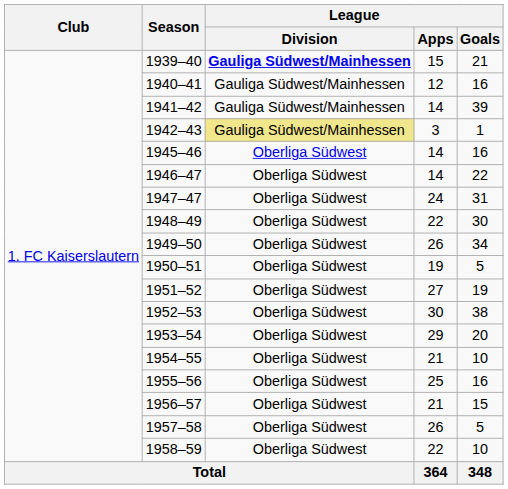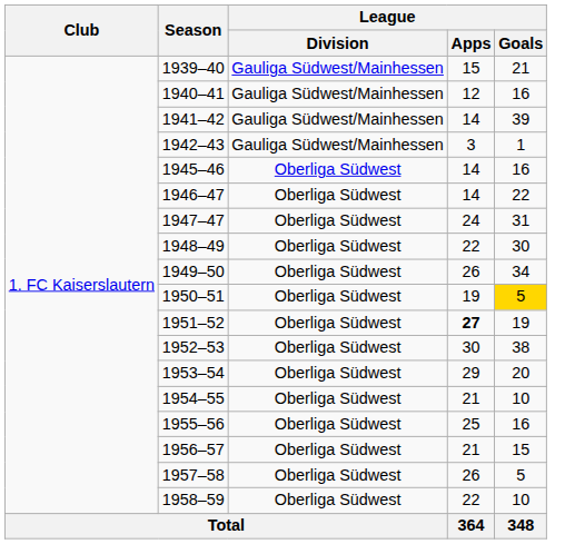 <table class="wikitable" style="text-align: center">
 <tr>
 <th rowspan="2">Club</th>
 <th rowspan="2">Season</th>
 <th colspan="3">League</th>
 </tr>
 <tr>
 <th>Division</th>
 <th>Apps</th>
 <th>Goals</th>
 </tr>
 <tr>
 <td rowspan="18"><a href='#'>1. FC Kaiserslautern</a></td>
 <td>1939–40</td>
-<td><strong><a href='#'>Gauliga Südwest/Mainhessen</a></strong></td>
+<td><a href='#'>Gauliga Südwest/Mainhessen</a></td>
 <td>15</td>
 <td>21</td>
 </tr>
 <tr>
 <td>1940–41</td>
 <td>Gauliga Südwest/Mainhessen</td>
 <td>12</td>
 <td>16</td>
 </tr>
 <tr>
 <td>1941–42</td>
 <td>Gauliga Südwest/Mainhessen</td>
 <td>14</td>
 <td>39</td>
 </tr>
 <tr>
 <td>1942–43</td>
-<td style="background: khaki;">Gauliga Südwest/Mainhessen</td>
+<td>Gauliga Südwest/Mainhessen</td>
 <td>3</td>
 <td>1</td>
 </tr>
 <tr>
 <td>1945–46</td>
 <td><a href='#'>Oberliga Südwest</a></td>
 <td>14</td>
 <td>16</td>
 </tr>
 <tr>
 <td>1946–47</td>
 <td>Oberliga Südwest</td>
 <td>14</td>
 <td>22</td>
 </tr>
 <tr>
 <td>1947–47</td>
 <td>Oberliga Südwest</td>
 <td>24</td>
 <td>31</td>
 </tr>
 <tr>
 <td>1948–49</td>
 <td>Oberliga Südwest</td>
 <td>22</td>
 <td>30</td>
 </tr>
 <tr>
 <td>1949–50</td>
 <td>Oberliga Südwest</td>
 <td>26</td>
 <td>34</td>
 </tr>
 <tr>
 <td>1950–51</td>
 <td>Oberliga Südwest</td>
 <td>19</td>
-<td>5</td>
+<td style="background: gold;">5</td>
 </tr>
 <tr>
 <td>1951–52</td>
 <td>Oberliga Südwest</td>
-<td>27</td>
+<td><strong>27</strong></td>
 <td>19</td>
 </tr>
 <tr>
 <td>1952–53</td>
 <td>Oberliga Südwest</td>
 <td>30</td>
 <td>38</td>
 </tr>
 <tr>
 <td>1953–54</td>
 <td>Oberliga Südwest</td>
 <td>29</td>
 <td>20</td>
 </tr>
 <tr>
 <td>1954–55</td>
 <td>Oberliga Südwest</td>
 <td>21</td>
 <td>10</td>
 </tr>
 <tr>
 <td>1955–56</td>
 <td>Oberliga Südwest</td>
 <td>25</td>
 <td>16</td>
 </tr>
 <tr>
 <td>1956–57</td>
 <td>Oberliga Südwest</td>
 <td>21</td>
 <td>15</td>
 </tr>
 <tr>
 <td>1957–58</td>
 <td>Oberliga Südwest</td>
 <td>26</td>
 <td>5</td>
 </tr>
 <tr>
 <td>1958–59</td>
 <td>Oberliga Südwest</td>
 <td>22</td>
 <td>10</td>
 </tr>
 <tr>
 <th colspan="3">Total</th>
 <th>364</th>
 <th>348</th>
 </tr>
 </table>
